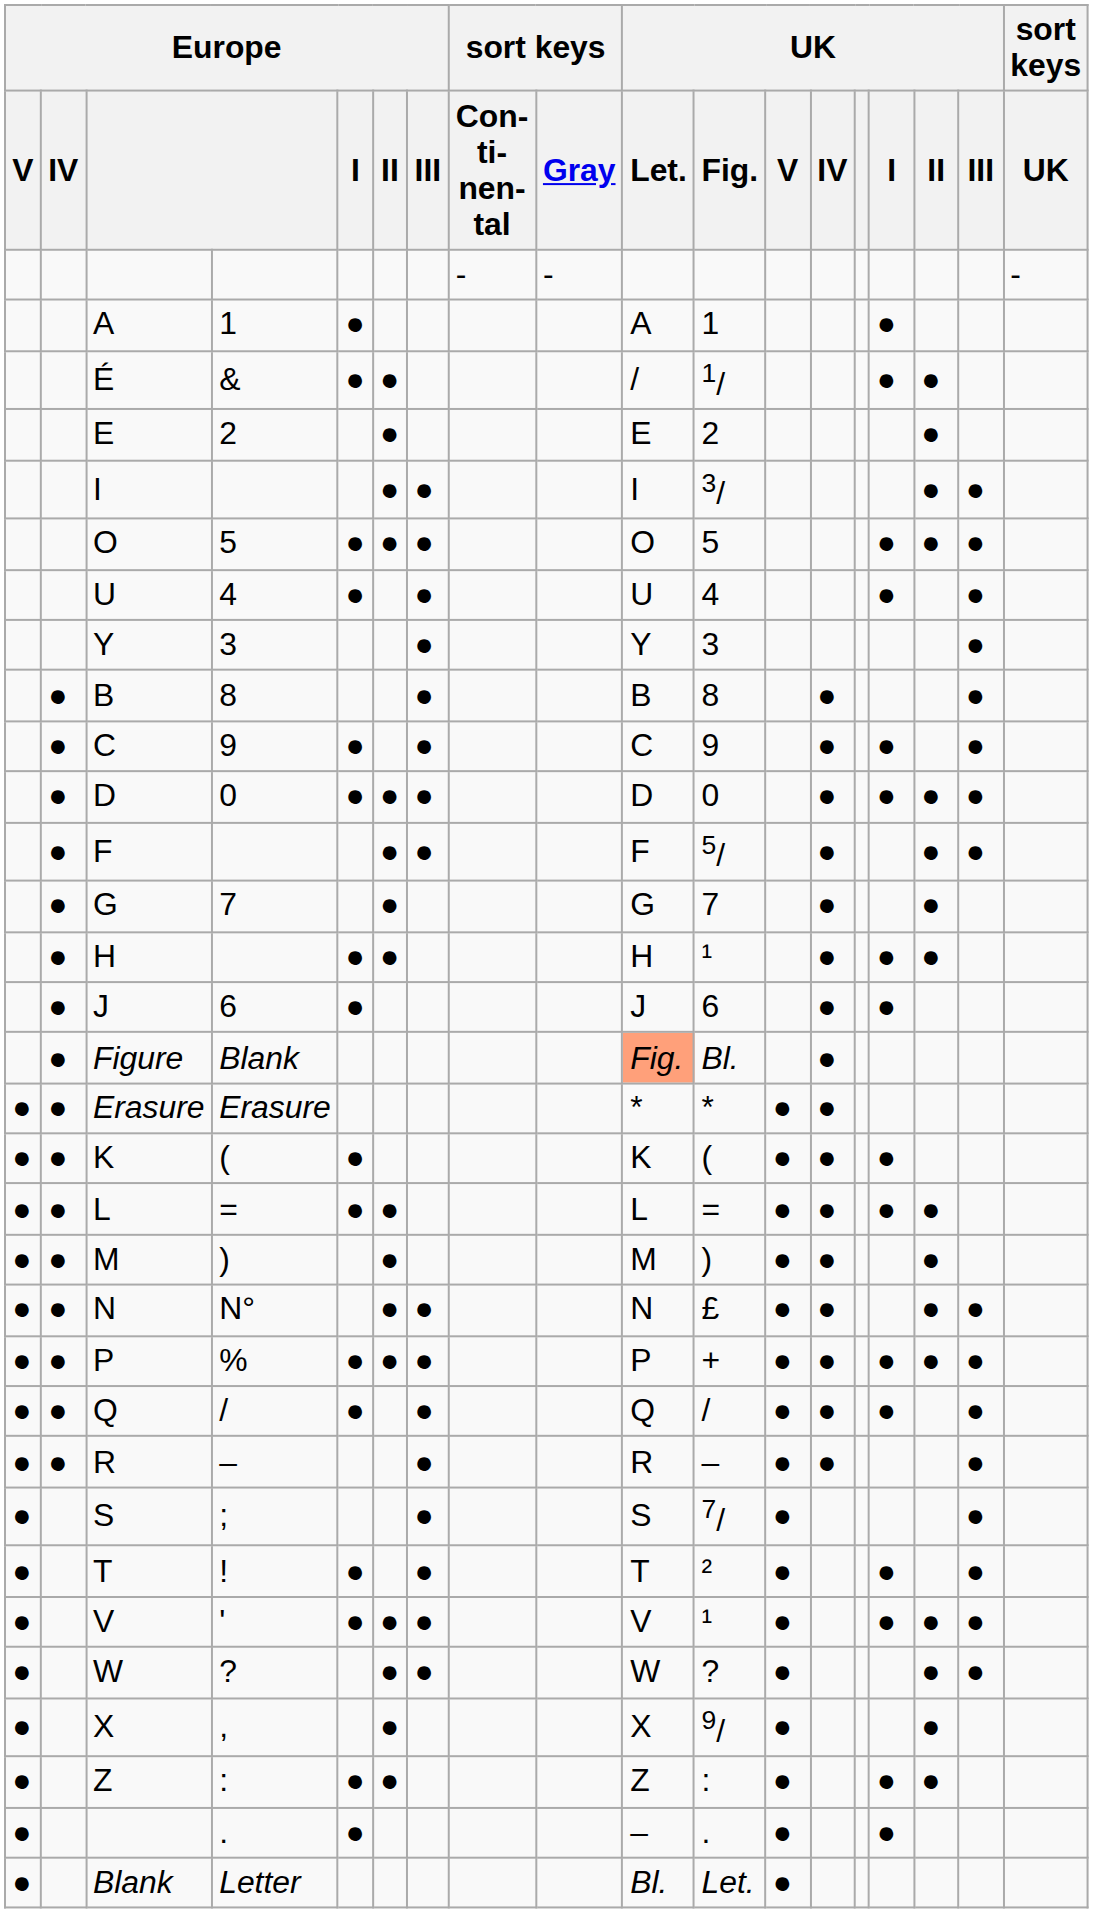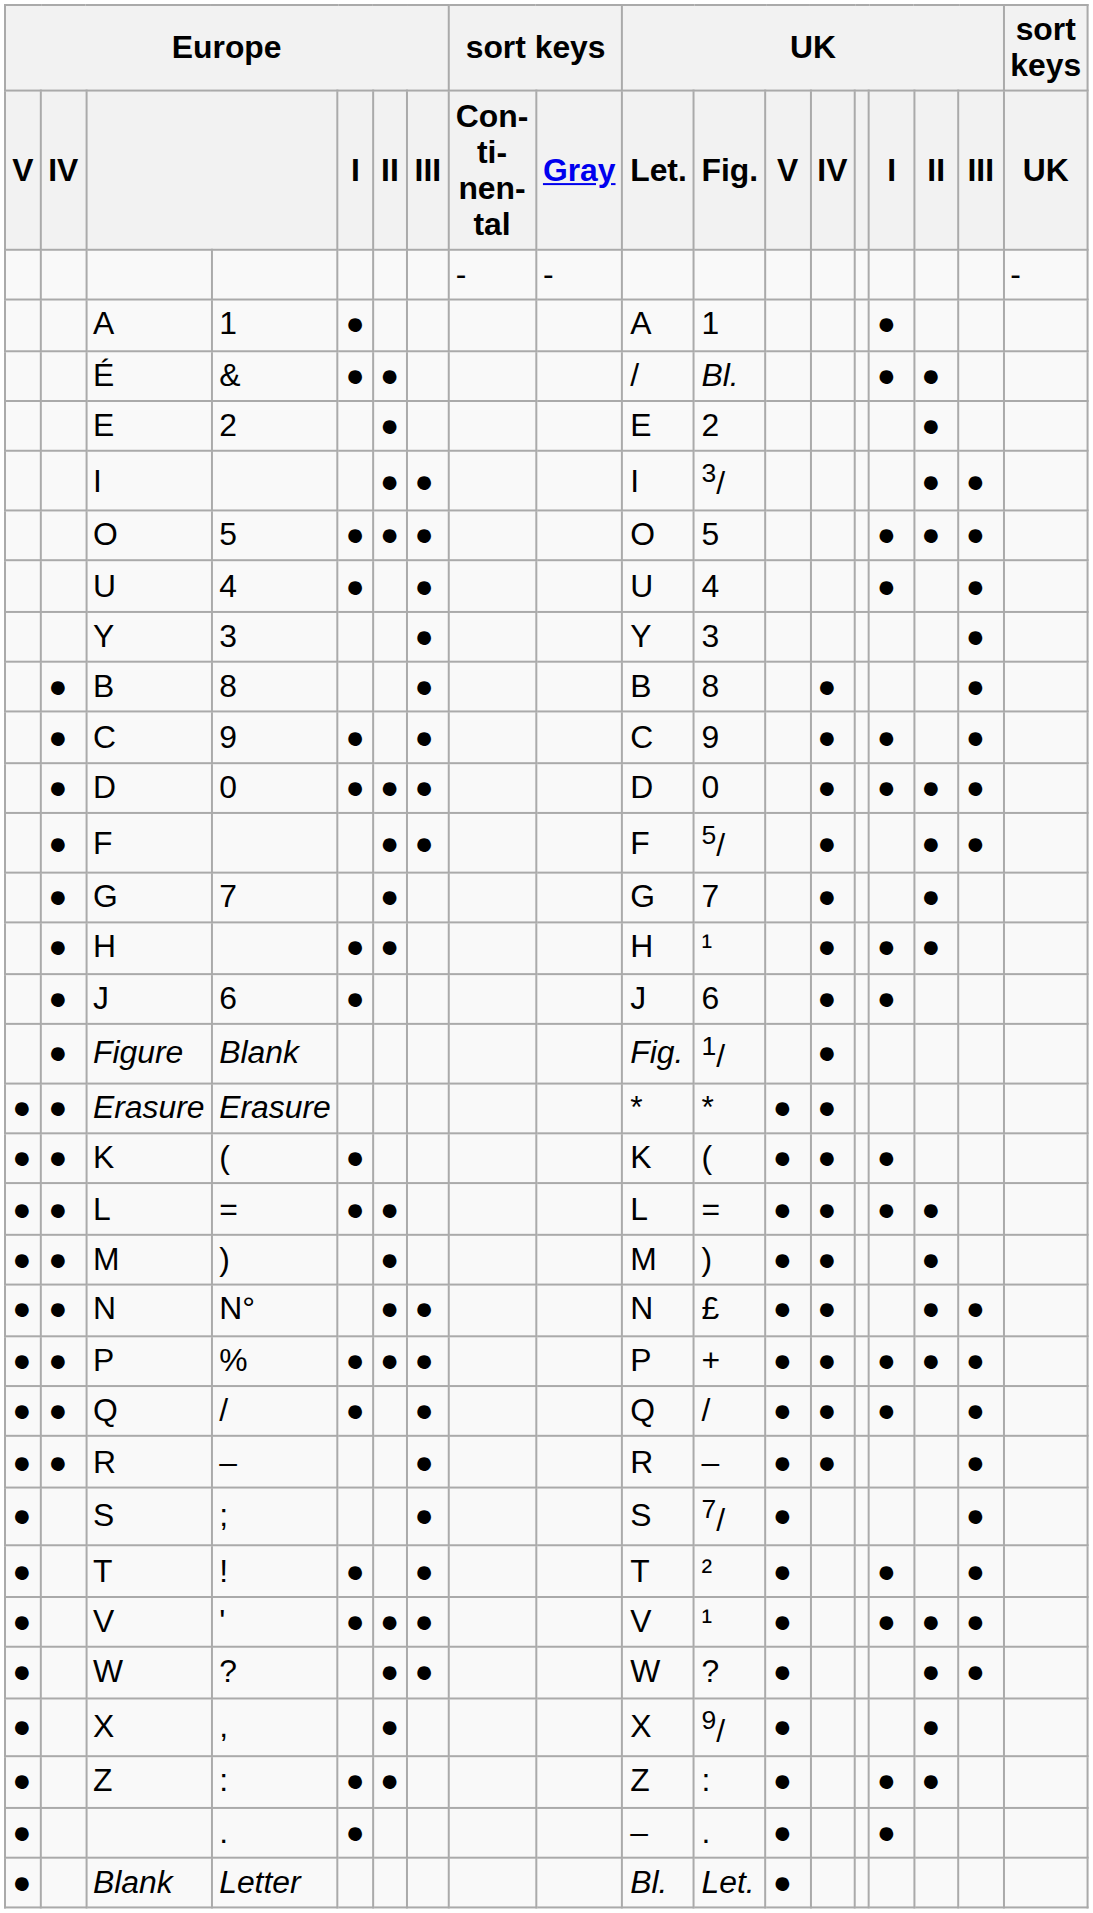 <table class="wikitable collapsible sortable" style="border:none">
 <tr>
 <th scope="col" colspan="7">Europe</th>
 <th scope="col" colspan="2">sort keys</th>
 <th scope="col" colspan="8">UK</th>
 <th scope="col">sort keys</th>
 </tr>
 <tr>
 <th scope="col" class="unsortable">V</th>
 <th scope="col" width="10" class="unsortable">IV</th>
 <th scope="col" width="25" colspan=2 class="unsortable"></th>
 <th scope="col" width="10" class="unsortable">I</th>
 <th scope="col" width="10" class="unsortable">II</th>
 <th scope="col" width="10" class="unsortable">III</th>
 <th scope="col" width="15">Con­ti­nen­tal</th>
 <th scope="col" width="15"><a href='#'>Gray</a></th>
 <th scope="col" width="15" class="unsortable">Let.</th>
 <th scope="col" width="15" class="unsortable">Fig.</th>
 <th scope="col" width="15" class="unsortable">V</th>
 <th scope="col" width="15" class="unsortable">IV</th>
 <th scope="col" width="0" class="unsortable"></th>
 <th scope="col" width="15" class="unsortable">I</th>
 <th scope="col" width="15" class="unsortable">II</th>
 <th scope="col" width="15"  class="unsortable">III</th>
 <th scope="col" width="15">UK</th>
 </tr>
 <tr>
 <td></td>
 <td></td>
 <td></td>
 <td></td>
 <td></td>
 <td></td>
 <td></td>
 <td data-sort-value="32">-</td>
 <td data-sort-value="000">-</td>
 <td></td>
 <td></td>
 <td></td>
 <td></td>
 <td></td>
 <td></td>
 <td></td>
 <td></td>
 <td data-sort-value="08">-</td>
 </tr>
 <tr>
 <td></td>
 <td></td>
 <td>A</td>
 <td>1</td>
 <td>●</td>
 <td></td>
 <td></td>
 <td data-sort-value="01"></td>
 <td data-sort-value="001"></td>
 <td>A</td>
 <td>1</td>
 <td></td>
 <td></td>
 <td></td>
 <td>●</td>
 <td></td>
 <td></td>
 <td data-sort-value="01"></td>
 </tr>
 <tr>
 <td></td>
 <td></td>
 <td>É</td>
 <td>&</td>
 <td>●</td>
 <td>●</td>
 <td></td>
 <td data-sort-value="06"></td>
 <td data-sort-value="002"></td>
 <td>/</td>
-<td><sup>1</sup>/</td>
+<td><em>Bl.</em></td>
 <td></td>
 <td></td>
 <td></td>
 <td>●</td>
 <td>●</td>
 <td></td>
 <td data-sort-value="04"></td>
 </tr>
 <tr>
 <td></td>
 <td></td>
 <td>E</td>
 <td>2</td>
 <td></td>
 <td>●</td>
 <td></td>
 <td data-sort-value="05"></td>
 <td data-sort-value="003"></td>
 <td>E</td>
 <td>2</td>
 <td></td>
 <td></td>
 <td></td>
 <td></td>
 <td>●</td>
 <td></td>
 <td data-sort-value="02"></td>
 </tr>
 <tr>
 <td></td>
 <td></td>
 <td>I</td>
 <td></td>
 <td></td>
 <td>●</td>
 <td>●</td>
 <td data-sort-value="10"></td>
 <td data-sort-value="004"></td>
 <td>I</td>
 <td><sup>3</sup>/</td>
 <td></td>
 <td></td>
 <td></td>
 <td></td>
 <td>●</td>
 <td>●</td>
 <td data-sort-value="05"></td>
 </tr>
 <tr>
 <td></td>
 <td></td>
 <td>O</td>
 <td>5</td>
 <td>●</td>
 <td>●</td>
 <td>●</td>
 <td data-sort-value="16"></td>
 <td data-sort-value="005"></td>
 <td>O</td>
 <td>5</td>
 <td></td>
 <td></td>
 <td></td>
 <td>●</td>
 <td>●</td>
 <td>●</td>
 <td data-sort-value="07"></td>
 </tr>
 <tr>
 <td></td>
 <td></td>
 <td>U</td>
 <td>4</td>
 <td>●</td>
 <td></td>
 <td>●</td>
 <td data-sort-value="22"></td>
 <td data-sort-value="006"></td>
 <td>U</td>
 <td>4</td>
 <td></td>
 <td></td>
 <td></td>
 <td>●</td>
 <td></td>
 <td>●</td>
 <td data-sort-value="06"></td>
 </tr>
 <tr>
 <td></td>
 <td></td>
 <td>Y</td>
 <td>3</td>
 <td></td>
 <td></td>
 <td>●</td>
 <td data-sort-value="26"></td>
 <td data-sort-value="007"></td>
 <td>Y</td>
 <td>3</td>
 <td></td>
 <td></td>
 <td></td>
 <td></td>
 <td></td>
 <td>●</td>
 <td data-sort-value="03"></td>
 </tr>
 <tr>
 <td></td>
 <td>●</td>
 <td>B</td>
 <td>8</td>
 <td></td>
 <td></td>
 <td>●</td>
 <td data-sort-value="02"></td>
 <td data-sort-value="010"></td>
 <td>B</td>
 <td>8</td>
 <td></td>
 <td>●</td>
 <td></td>
 <td></td>
 <td></td>
 <td>●</td>
 <td data-sort-value="11"></td>
 </tr>
 <tr>
 <td></td>
 <td>●</td>
 <td>C</td>
 <td>9</td>
 <td>●</td>
 <td></td>
 <td>●</td>
 <td data-sort-value="03"></td>
 <td data-sort-value="011"></td>
 <td>C</td>
 <td>9</td>
 <td></td>
 <td>●</td>
 <td></td>
 <td>●</td>
 <td></td>
 <td>●</td>
 <td data-sort-value="14"></td>
 </tr>
 <tr>
 <td></td>
 <td>●</td>
 <td>D</td>
 <td>0</td>
 <td>●</td>
 <td>●</td>
 <td>●</td>
 <td data-sort-value="04"></td>
 <td data-sort-value="012"></td>
 <td>D</td>
 <td>0</td>
 <td></td>
 <td>●</td>
 <td></td>
 <td>●</td>
 <td>●</td>
 <td>●</td>
 <td data-sort-value="15"></td>
 </tr>
 <tr>
 <td></td>
 <td>●</td>
 <td>F</td>
 <td></td>
 <td></td>
 <td>●</td>
 <td>●</td>
 <td data-sort-value="07"></td>
 <td data-sort-value="013"></td>
 <td>F</td>
 <td><sup>5</sup>/</td>
 <td></td>
 <td>●</td>
 <td></td>
 <td></td>
 <td>●</td>
 <td>●</td>
 <td data-sort-value="13"></td>
 </tr>
 <tr collapsed>
 <td></td>
 <td>●</td>
 <td>G</td>
 <td>7</td>
 <td></td>
 <td>●</td>
 <td></td>
 <td data-sort-value="08"></td>
 <td data-sort-value="014"></td>
 <td>G</td>
 <td>7</td>
 <td></td>
 <td>●</td>
 <td></td>
 <td></td>
 <td>●</td>
 <td></td>
 <td data-sort-value="10"></td>
 </tr>
 <tr>
 <td></td>
 <td>●</td>
 <td>H</td>
 <td></td>
 <td>●</td>
 <td>●</td>
 <td></td>
 <td data-sort-value="09"></td>
 <td data-sort-value="015"></td>
 <td>H</td>
 <td>¹</td>
 <td></td>
 <td>●</td>
 <td></td>
 <td>●</td>
 <td>●</td>
 <td></td>
 <td data-sort-value="12"></td>
 </tr>
 <tr>
 <td></td>
 <td>●</td>
 <td>J</td>
 <td>6</td>
 <td>●</td>
 <td></td>
 <td></td>
 <td data-sort-value="11"></td>
 <td data-sort-value="016 "></td>
 <td>J</td>
 <td>6</td>
 <td></td>
 <td>●</td>
 <td></td>
 <td>●</td>
 <td></td>
 <td></td>
 <td data-sort-value="09"></td>
 </tr>
 <tr>
 <td></td>
 <td>●</td>
 <td><em>Figure</em></td>
 <td><em>Blank</em></td>
 <td></td>
 <td></td>
 <td></td>
 <td data-sort-value="30"></td>
 <td data-sort-value="017"></td>
-<td style="background: lightsalmon;"><em>Fig.</em></td>
-<td><em>Bl.</em></td>
+<td><em>Fig.</em></td>
+<td><sup>1</sup>/</td>
 <td></td>
 <td>●</td>
 <td></td>
 <td></td>
 <td></td>
 <td></td>
 <td data-sort-value="16"></td>
 </tr>
 <tr>
 <td>●</td>
 <td>●</td>
 <td><em>Erasure</em></td>
 <td><em>Erasure</em></td>
 <td></td>
 <td></td>
 <td></td>
 <td data-sort-value="29"></td>
 <td data-sort-value="020"></td>
 <td>*</td>
 <td>*</td>
 <td>●</td>
 <td>●</td>
 <td></td>
 <td></td>
 <td></td>
 <td></td>
 <td data-sort-value="32"></td>
 </tr>
 <tr>
 <td>●</td>
 <td>●</td>
 <td>K</td>
 <td>(</td>
 <td>●</td>
 <td></td>
 <td></td>
 <td data-sort-value="12"></td>
 <td data-sort-value="021"></td>
 <td>K</td>
 <td>(</td>
 <td>●</td>
 <td>●</td>
 <td></td>
 <td>●</td>
 <td></td>
 <td></td>
 <td data-sort-value="25"></td>
 </tr>
 <tr>
 <td>●</td>
 <td>●</td>
 <td>L</td>
 <td>=</td>
 <td>●</td>
 <td>●</td>
 <td></td>
 <td data-sort-value="13"></td>
 <td data-sort-value="022"></td>
 <td>L</td>
 <td>=</td>
 <td>●</td>
 <td>●</td>
 <td></td>
 <td>●</td>
 <td>●</td>
 <td></td>
 <td data-sort-value="28"></td>
 </tr>
 <tr>
 <td>●</td>
 <td>●</td>
 <td>M</td>
 <td>)</td>
 <td></td>
 <td>●</td>
 <td></td>
 <td data-sort-value="14"></td>
 <td data-sort-value="023"></td>
 <td>M</td>
 <td>)</td>
 <td>●</td>
 <td>●</td>
 <td></td>
 <td></td>
 <td>●</td>
 <td></td>
 <td data-sort-value="26"></td>
 </tr>
 <tr>
 <td>●</td>
 <td>●</td>
 <td>N</td>
 <td>N°</td>
 <td></td>
 <td>●</td>
 <td>●</td>
 <td data-sort-value="15"></td>
 <td data-sort-value="024"></td>
 <td>N</td>
 <td>£</td>
 <td>●</td>
 <td>●</td>
 <td></td>
 <td></td>
 <td>●</td>
 <td>●</td>
 <td data-sort-value="29 "></td>
 </tr>
 <tr>
 <td>●</td>
 <td>●</td>
 <td>P</td>
 <td>%</td>
 <td>●</td>
 <td>●</td>
 <td>●</td>
 <td data-sort-value="17"></td>
 <td data-sort-value="025"></td>
 <td>P</td>
 <td>+</td>
 <td>●</td>
 <td>●</td>
 <td></td>
 <td>●</td>
 <td>●</td>
 <td>●</td>
 <td data-sort-value="31"></td>
 </tr>
 <tr>
 <td>●</td>
 <td>●</td>
 <td>Q</td>
 <td>/</td>
 <td>●</td>
 <td></td>
 <td>●</td>
 <td data-sort-value="18"></td>
 <td data-sort-value="026"></td>
 <td>Q</td>
 <td>/</td>
 <td>●</td>
 <td>●</td>
 <td></td>
 <td>●</td>
 <td></td>
 <td>●</td>
 <td data-sort-value="30"></td>
 </tr>
 <tr>
 <td>●</td>
 <td>●</td>
 <td>R</td>
 <td>–</td>
 <td></td>
 <td></td>
 <td>●</td>
 <td data-sort-value="19"></td>
 <td data-sort-value="027"></td>
 <td>R</td>
 <td>–</td>
 <td>●</td>
 <td>●</td>
 <td></td>
 <td></td>
 <td></td>
 <td>●</td>
 <td data-sort-value="27"></td>
 </tr>
 <tr>
 <td>●</td>
 <td></td>
 <td>S</td>
 <td>;</td>
 <td></td>
 <td></td>
 <td>●</td>
 <td data-sort-value="20"></td>
 <td data-sort-value="030"></td>
 <td>S</td>
 <td><sup>7</sup>/</td>
 <td>●</td>
 <td></td>
 <td></td>
 <td></td>
 <td></td>
 <td>●</td>
 <td data-sort-value="19"></td>
 </tr>
 <tr>
 <td>●</td>
 <td></td>
 <td>T</td>
 <td>!</td>
 <td>●</td>
 <td></td>
 <td>●</td>
 <td data-sort-value="21"></td>
 <td data-sort-value="031"></td>
 <td>T</td>
 <td>²</td>
 <td>●</td>
 <td></td>
 <td></td>
 <td>●</td>
 <td></td>
 <td>●</td>
 <td data-sort-value="22"></td>
 </tr>
 <tr>
 <td>●</td>
 <td></td>
 <td>V</td>
 <td>'</td>
 <td>●</td>
 <td>●</td>
 <td>●</td>
 <td data-sort-value="23"></td>
 <td data-sort-value="032"></td>
 <td>V</td>
 <td>¹</td>
 <td>●</td>
 <td></td>
 <td></td>
 <td>●</td>
 <td>●</td>
 <td>●</td>
 <td data-sort-value="23"></td>
 </tr>
 <tr>
 <td>●</td>
 <td></td>
 <td>W</td>
 <td>?</td>
 <td></td>
 <td>●</td>
 <td>●</td>
 <td data-sort-value="24"></td>
 <td data-sort-value="033"></td>
 <td>W</td>
 <td>?</td>
 <td>●</td>
 <td></td>
 <td></td>
 <td></td>
 <td>●</td>
 <td>●</td>
 <td data-sort-value="21"></td>
 </tr>
 <tr>
 <td>●</td>
 <td></td>
 <td>X</td>
 <td>,</td>
 <td></td>
 <td>●</td>
 <td></td>
 <td data-sort-value="25"></td>
 <td data-sort-value="034"></td>
 <td>X</td>
 <td><sup>9</sup>/</td>
 <td>●</td>
 <td></td>
 <td></td>
 <td></td>
 <td>●</td>
 <td></td>
 <td data-sort-value="18"></td>
 </tr>
 <tr>
 <td>●</td>
 <td></td>
 <td>Z</td>
 <td>:</td>
 <td>●</td>
 <td>●</td>
 <td></td>
 <td data-sort-value="27"></td>
 <td data-sort-value="035"></td>
 <td>Z</td>
 <td>:</td>
 <td>●</td>
 <td></td>
 <td></td>
 <td>●</td>
 <td>●</td>
 <td></td>
 <td data-sort-value="20"></td>
 </tr>
 <tr>
 <td>●</td>
 <td></td>
 <td></td>
 <td>.</td>
 <td>●</td>
 <td></td>
 <td></td>
 <td data-sort-value="28"></td>
 <td data-sort-value="036"></td>
 <td>–</td>
 <td>.</td>
 <td>●</td>
 <td></td>
 <td></td>
 <td>●</td>
 <td></td>
 <td></td>
 <td data-sort-value="17"></td>
 </tr>
 <tr>
 <td>●</td>
 <td></td>
 <td><em>Blank</em></td>
 <td><em>Letter</em></td>
 <td></td>
 <td></td>
 <td></td>
 <td data-sort-value="31"></td>
 <td data-sort-value="037"></td>
 <td><em>Bl.</em></td>
 <td><em>Let.</em></td>
 <td>●</td>
 <td></td>
 <td></td>
 <td></td>
 <td></td>
 <td></td>
 <td data-sort-value="24"></td>
 </tr>
 </table>
